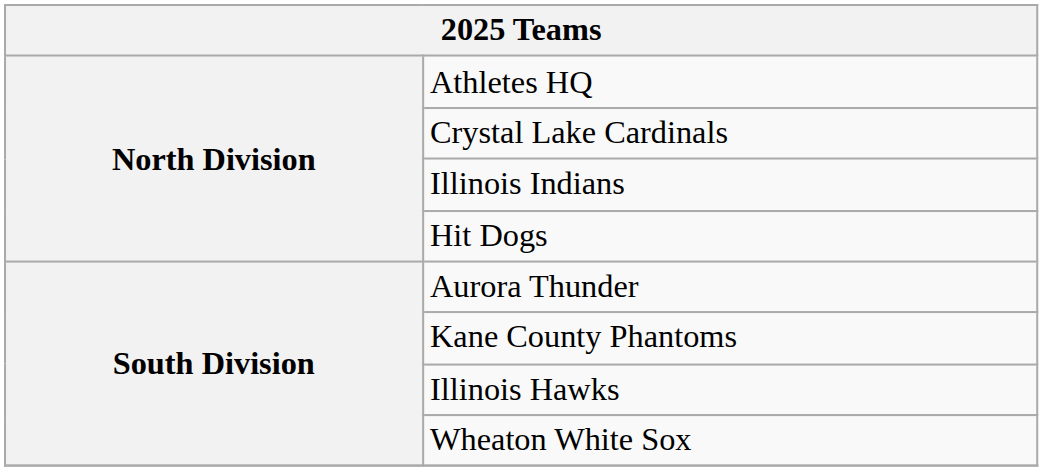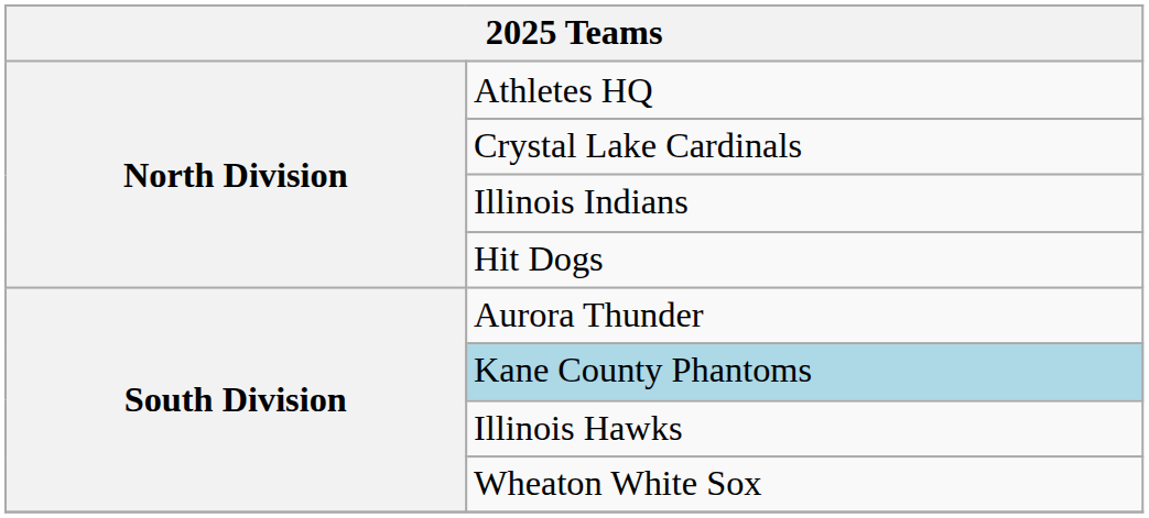 <table class="wikitable" style="width:32em">
 <tr>
 <th colspan=2>2025 Teams</th>
 </tr>
 <tr>
 <th rowspan=4>North Division</th>
 <td>Athletes HQ</td>
 </tr>
 <tr>
 <td>Crystal Lake Cardinals</td>
 </tr>
 <tr>
 <td>Illinois Indians</td>
 </tr>
 <tr>
 <td>Hit Dogs</td>
 </tr>
 <tr>
 <th rowspan=4>South Division</th>
 <td>Aurora Thunder</td>
 </tr>
 <tr>
-<td>Kane County Phantoms</td>
+<td style="background: lightblue;">Kane County Phantoms</td>
 </tr>
 <tr>
 <td>Illinois Hawks</td>
 </tr>
 <tr>
 <td>Wheaton White Sox</td>
 </tr>
 <tr>
 </tr>
 </table>
